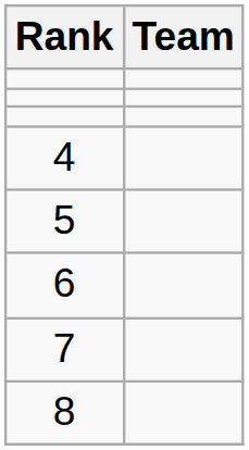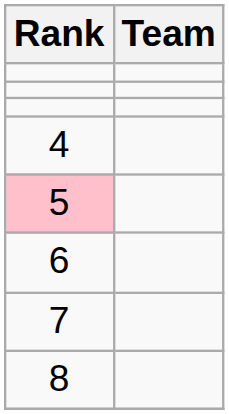 <table class="wikitable">
 <tr>
 <th>Rank</th>
 <th>Team</th>
 </tr>
 <tr>
 <td align=center></td>
 <td></td>
 </tr>
 <tr>
 <td align=center></td>
 <td></td>
 </tr>
 <tr>
 <td align=center></td>
 <td></td>
 </tr>
 <tr>
 <td align=center>4</td>
 <td></td>
 </tr>
 <tr>
-<td align=center>5</td>
+<td align=center style="background: pink;">5</td>
 <td></td>
 </tr>
 <tr>
 <td align=center>6</td>
 <td></td>
 </tr>
 <tr>
 <td align=center>7</td>
 <td></td>
 </tr>
 <tr>
 <td align=center>8</td>
 <td></td>
 </tr>
 <tr>
 </tr>
 </table>
